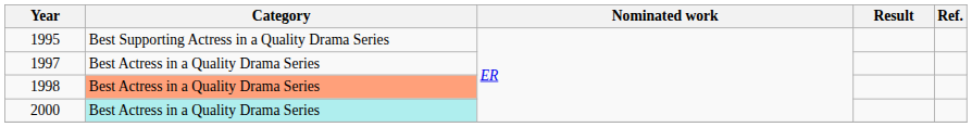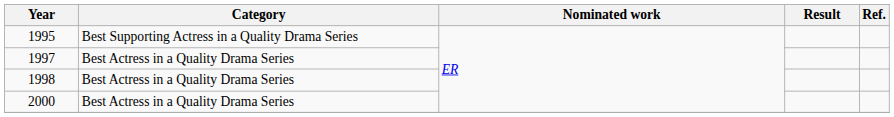 <table class=wikitable>
 <tr>
 <th scope="col" style="width:5em;">Year</th>
 <th scope="col" style="width:26em;">Category</th>
 <th scope="col" style="width:25em;">Nominated work</th>
 <th scope="col" style="width:5em;">Result</th>
 <th>Ref.</th>
 </tr>
 <tr>
 <td style="text-align:center;">1995</td>
 <td>Best Supporting Actress in a Quality Drama Series</td>
 <td rowspan="4"><em><a href='#'>ER</a></em></td>
 <td></td>
 <td></td>
 </tr>
 <tr>
 <td style="text-align:center;">1997</td>
 <td>Best Actress in a Quality Drama Series</td>
 <td></td>
 <td></td>
 </tr>
 <tr>
 <td style="text-align:center;">1998</td>
-<td style="background: lightsalmon;">Best Actress in a Quality Drama Series</td>
+<td>Best Actress in a Quality Drama Series</td>
 <td></td>
 <td></td>
 </tr>
 <tr>
 <td style="text-align:center;">2000</td>
-<td style="background: paleturquoise;">Best Actress in a Quality Drama Series</td>
+<td>Best Actress in a Quality Drama Series</td>
 <td></td>
 <td></td>
 </tr>
 <tr>
 </tr>
 </table>
